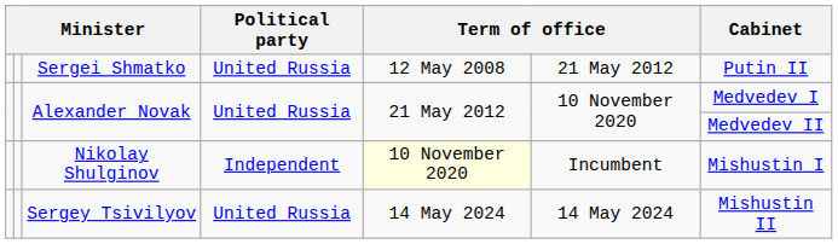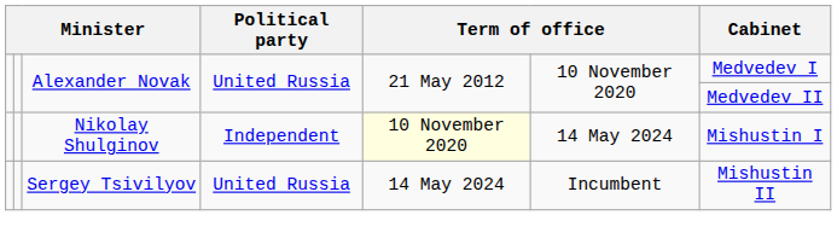 <table class="wikitable" style="text-align:center;">
 <tr>
 <th colspan=3>Minister</th>
 <th>Political party</th>
 <th colspan=2>Term of office</th>
 <th>Cabinet</th>
-</tr>
-<tr>
-<td style="background: "></td>
-<td></td>
-<td><a href='#'>Sergei Shmatko</a></td>
-<td><a href='#'>United Russia</a></td>
-<td>12 May 2008</td>
-<td>21 May 2012</td>
-<td><a href='#'>Putin II</a></td>
 </tr>
 <tr>
 <td rowspan=3 style="background: "></td>
 <td rowspan=3></td>
 <td rowspan=3><a href='#'>Alexander Novak</a></td>
 <td rowspan=3><a href='#'>United Russia</a></td>
 <td rowspan=3>21 May 2012</td>
 <td rowspan=3>10 November 2020</td>
 <td><a href='#'>Medvedev I</a></td>
 </tr>
 <tr>
 <td><a href='#'>Medvedev II</a></td>
 </tr>
 <tr>
 <td rowspan=2><a href='#'>Mishustin I</a></td>
 </tr>
 <tr>
 <td style="background: "></td>
 <td></td>
 <td><a href='#'>Nikolay Shulginov</a></td>
 <td><a href='#'>Independent</a></td>
 <td style="background: lightyellow;">10 November 2020</td>
-<td>Incumbent</td>
+<td>14 May 2024</td>
 </tr>
 <tr>
 <td style="background: "></td>
 <td></td>
 <td><a href='#'>Sergey Tsivilyov</a></td>
 <td><a href='#'>United Russia</a></td>
 <td>14 May 2024</td>
-<td>14 May 2024</td>
+<td>Incumbent</td>
 <td><a href='#'>Mishustin II</a></td>
 </tr>
 </table>
